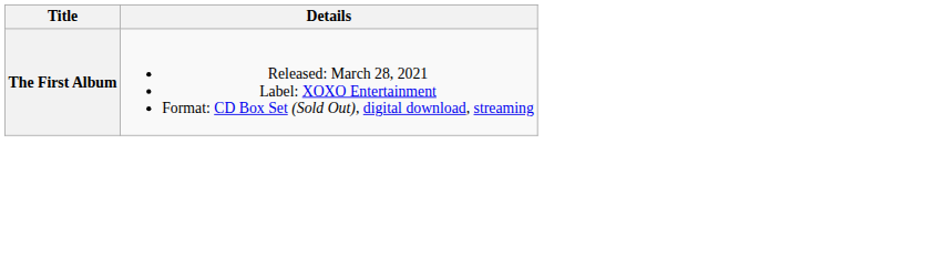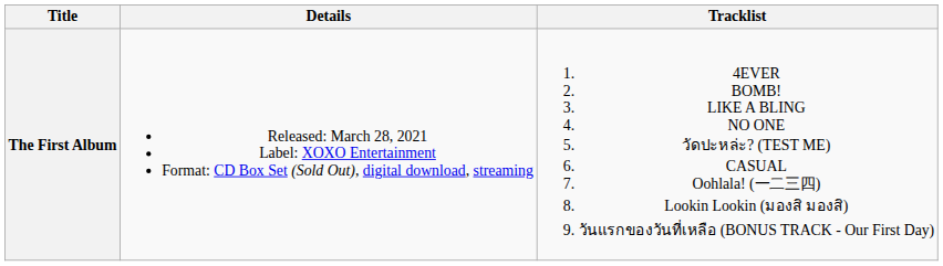 <table class="wikitable plainrowheaders" style="text-align:center;">
 <tr>
 <th scope="col">Title</th>
 <th scope="col">Details</th>
+<th>Tracklist</th>
 </tr>
 <tr>
 <th scope="row"><strong>The First Album</strong></th>
 <td><br><ul><li>Released: March 28, 2021</li><li>Label: <a href='#'>XOXO Entertainment</a></li><li>Format: <a href='#'>CD Box Set</a> <em>(Sold Out)</em>, <a href='#'>digital download</a>, <a href='#'>streaming</a></li></ul></td>
+<td><br><ol><li>4EVER</li><li>BOMB!</li><li>LIKE A BLING</li><li>NO ONE</li><li>วัดปะหล่ะ? (TEST ME)</li><li>CASUAL</li><li>Oohlala! (一二三四)</li><li>Lookin Lookin (มองสิ มองสิ)</li><li>วันแรกของวันที่เหลือ (BONUS TRACK - Our First Day)</li></ol></td>
 </tr>
 </table>
